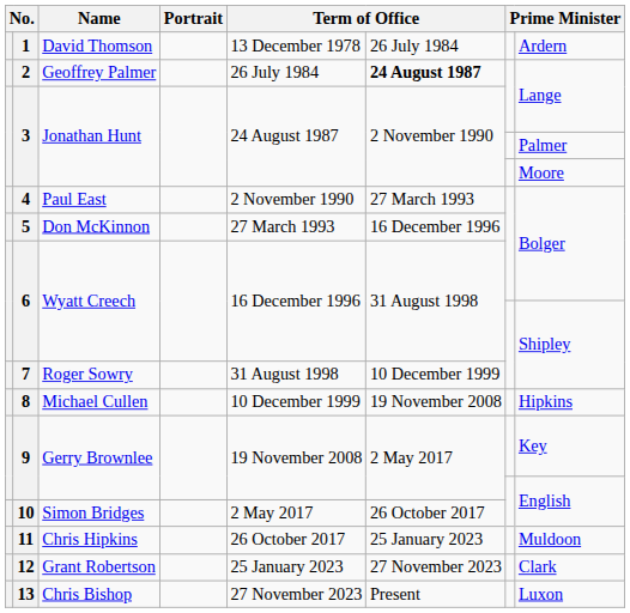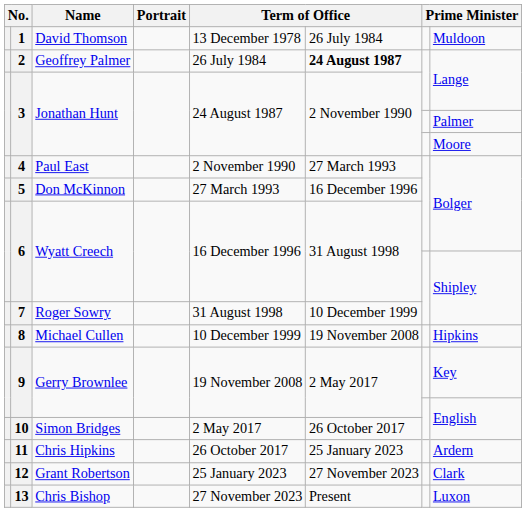 <table class="wikitable">
 <tr>
 <th colspan=2>No.</th>
 <th>Name</th>
 <th>Portrait</th>
 <th colspan=2>Term of Office</th>
 <th colspan=2>Prime Minister</th>
 </tr>
 <tr>
 <th style="background:"></th>
 <th>1</th>
 <td><a href='#'>David Thomson</a></td>
 <td></td>
 <td>13 December 1978</td>
 <td>26 July 1984</td>
 <td width=1 style="background:"></td>
-<td><a href='#'>Ardern</a></td>
+<td><a href='#'>Muldoon</a></td>
 </tr>
 <tr>
 <th style="background:"></th>
 <th>2</th>
 <td><a href='#'>Geoffrey Palmer</a></td>
 <td></td>
 <td>26 July 1984</td>
 <td><strong>24 August 1987</strong></td>
 <td style="border-bottom:solid 0 grey; background:"></td>
 <td rowspan=2><a href='#'>Lange</a></td>
 </tr>
 <tr>
 <th rowspan=3 style="background:"></th>
 <th rowspan=3>3</th>
 <td rowspan=3><a href='#'>Jonathan Hunt</a></td>
 <td rowspan=3></td>
 <td rowspan=3>24 August 1987</td>
 <td rowspan=3>2 November 1990</td>
 <td height=36 style="border-top:solid 0 grey; background:"></td>
 </tr>
 <tr>
 <td style="background:"></td>
 <td><a href='#'>Palmer</a></td>
 </tr>
 <tr>
 <td style="background:"></td>
 <td><a href='#'>Moore</a></td>
 </tr>
 <tr>
 <th style="background:"></th>
 <th>4</th>
 <td><a href='#'>Paul East</a></td>
 <td></td>
 <td>2 November 1990</td>
 <td>27 March 1993</td>
 <td rowspan=3 style="background:"></td>
 <td rowspan=3><a href='#'>Bolger</a></td>
 </tr>
 <tr>
 <th style="background:"></th>
 <th>5</th>
 <td><a href='#'>Don McKinnon</a></td>
 <td></td>
 <td>27 March 1993</td>
 <td>16 December 1996</td>
 </tr>
 <tr>
 <th height=50 style="border-bottom:solid 0 grey; background:"></th>
 <th rowspan=2>6</th>
 <td rowspan=2><a href='#'>Wyatt Creech</a></td>
 <td rowspan=2></td>
 <td rowspan=2>16 December 1996</td>
 <td rowspan=2>31 August 1998</td>
 </tr>
 <tr>
 <th height=50 style="border-top:solid 0 grey; background:"></th>
 <td rowspan=2 style="background:"></td>
 <td rowspan=2><a href='#'>Shipley</a></td>
 </tr>
 <tr>
 <th style="background:"></th>
 <th>7</th>
 <td><a href='#'>Roger Sowry</a></td>
 <td></td>
 <td>31 August 1998</td>
 <td>10 December 1999</td>
 </tr>
 <tr>
 <th style="background:"></th>
 <th>8</th>
 <td><a href='#'>Michael Cullen</a></td>
 <td></td>
 <td>10 December 1999</td>
 <td>19 November 2008</td>
 <td style="background:"></td>
 <td><a href='#'>Hipkins</a></td>
 </tr>
 <tr>
 <th height=50 style="border-bottom:solid 0 grey; background:"></th>
 <th rowspan=2>9</th>
 <td rowspan=2><a href='#'>Gerry Brownlee</a></td>
 <td rowspan=2></td>
 <td rowspan=2>19 November 2008</td>
 <td rowspan=2>2 May 2017</td>
 <td style="background:"></td>
 <td><a href='#'>Key</a></td>
 </tr>
 <tr>
 <th height=15 style="border-top:solid 0 grey; background:"></th>
 <td rowspan=2 style="border-bottom:solid 0 grey; background:"></td>
 <td rowspan=2><a href='#'>English</a></td>
 </tr>
 <tr>
 <th style="background:"></th>
 <th>10</th>
 <td><a href='#'>Simon Bridges</a></td>
 <td></td>
 <td>2 May 2017</td>
 <td>26 October 2017</td>
 </tr>
 <tr>
 <th style="background:"></th>
 <th>11</th>
 <td><a href='#'>Chris Hipkins</a></td>
 <td></td>
 <td>26 October 2017</td>
 <td>25 January 2023</td>
 <td style="background:"></td>
-<td><a href='#'>Muldoon</a></td>
+<td><a href='#'>Ardern</a></td>
 </tr>
 <tr>
 <th style="background:"></th>
 <th>12</th>
 <td><a href='#'>Grant Robertson</a></td>
 <td></td>
 <td>25 January 2023</td>
 <td>27 November 2023</td>
 <td style="background:"></td>
 <td><a href='#'>Clark</a></td>
 </tr>
 <tr>
 <th style="background:"></th>
 <th>13</th>
 <td><a href='#'>Chris Bishop</a></td>
 <td></td>
 <td>27 November 2023</td>
 <td>Present</td>
 <td style="background:"></td>
 <td><a href='#'>Luxon</a></td>
 </tr>
 </table>
